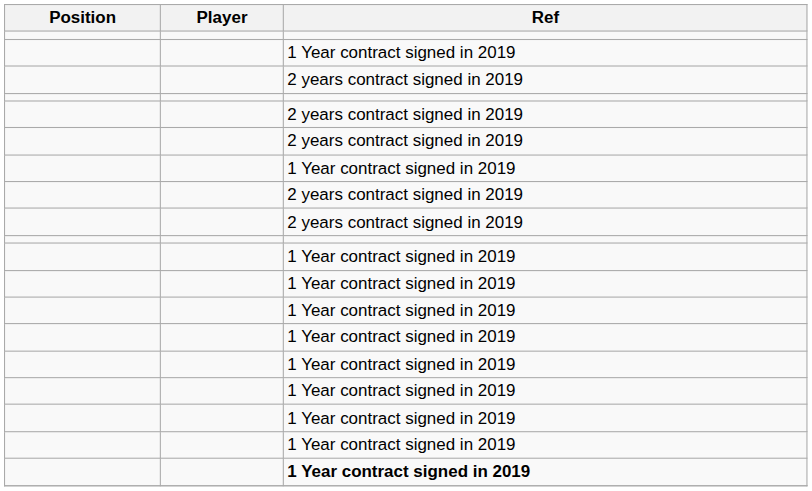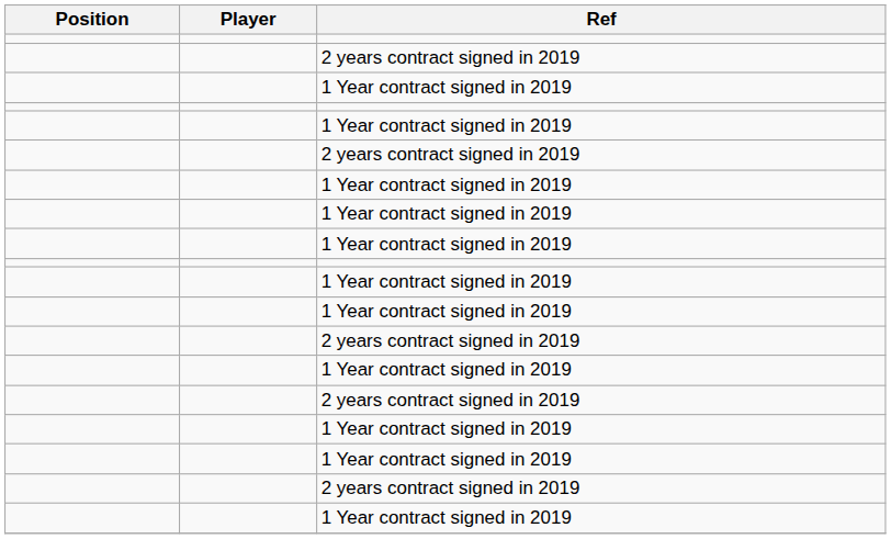 <table class="wikitable sortable" style="width:60%; text-align:center; font-size:100%; text-align:left;">
 <tr>
 <th><strong>Position</strong></th>
 <th><strong>Player</strong></th>
 <th><strong>Ref</strong></th>
+</tr>
+<tr>
+<td></td>
+<td></td>
+<td></td>
+</tr>
+<tr>
+<td></td>
+<td></td>
+<td>2 years contract signed in 2019 </td>
+</tr>
+<tr>
+<td></td>
+<td></td>
+<td>1 Year contract signed in 2019 </td>
 </tr>
 <tr>
 <td></td>
 <td></td>
 <td></td>
 </tr>
 <tr>
 <td></td>
 <td></td>
 <td>1 Year contract signed in 2019 </td>
 </tr>
 <tr>
 <td></td>
 <td></td>
 <td>2 years contract signed in 2019 </td>
 </tr>
 <tr>
 <td></td>
 <td></td>
+<td>1 Year contract signed in 2019 </td>
+</tr>
+<tr>
+<td></td>
+<td></td>
+<td>1 Year contract signed in 2019 </td>
+</tr>
+<tr>
+<td></td>
+<td></td>
+<td>1 Year contract signed in 2019 </td>
+</tr>
+<tr>
+<td></td>
+<td></td>
 <td></td>
 </tr>
 <tr>
 <td></td>
 <td></td>
-<td>2 years contract signed in 2019 </td>
+<td>1 Year contract signed in 2019 </td>
+</tr>
+<tr>
+<td></td>
+<td></td>
+<td>1 Year contract signed in 2019 </td>
 </tr>
 <tr>
 <td></td>
 <td></td>
 <td>2 years contract signed in 2019 </td>
 </tr>
 <tr>
 <td></td>
 <td></td>
 <td>1 Year contract signed in 2019 </td>
 </tr>
 <tr>
 <td></td>
 <td></td>
 <td>2 years contract signed in 2019 </td>
 </tr>
 <tr>
 <td></td>
 <td></td>
-<td>2 years contract signed in 2019 </td>
-</tr>
-<tr>
-<td></td>
-<td></td>
-<td></td>
-</tr>
-<tr>
-<td></td>
-<td></td>
 <td>1 Year contract signed in 2019 </td>
 </tr>
 <tr>
 <td></td>
 <td></td>
 <td>1 Year contract signed in 2019 </td>
 </tr>
 <tr>
 <td></td>
 <td></td>
-<td>1 Year contract signed in 2019 </td>
+<td>2 years contract signed in 2019 </td>
 </tr>
 <tr>
 <td></td>
 <td></td>
 <td>1 Year contract signed in 2019 </td>
 </tr>
 <tr>
-<td></td>
-<td></td>
-<td>1 Year contract signed in 2019 </td>
-</tr>
-<tr>
-<td></td>
-<td></td>
-<td>1 Year contract signed in 2019 </td>
-</tr>
-<tr>
-<td></td>
-<td></td>
-<td>1 Year contract signed in 2019 </td>
-</tr>
-<tr>
-<td></td>
-<td></td>
-<td>1 Year contract signed in 2019 </td>
-</tr>
-<tr>
-<td></td>
-<td></td>
-<td><strong>1 Year contract signed in 2019 </strong></td>
-</tr>
-<tr>
 </tr>
 </table>
